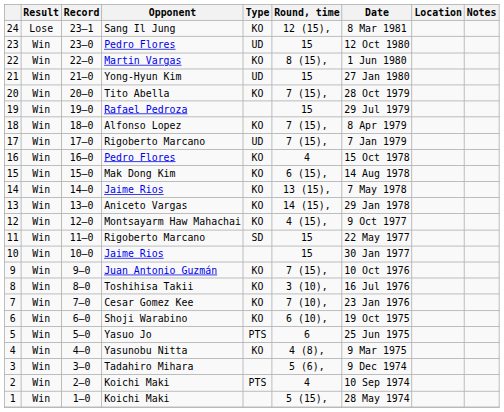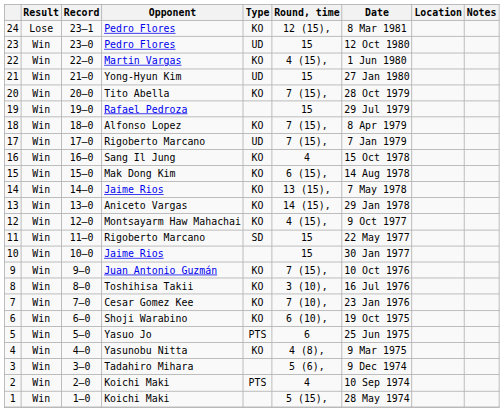 <table class="wikitable" style="text-align:center">
 <tr>
 <th></th>
 <th>Result</th>
 <th>Record</th>
 <th>Opponent</th>
 <th>Type</th>
 <th>Round, time</th>
 <th>Date</th>
 <th>Location</th>
 <th>Notes</th>
 </tr>
 <tr>
 <td>24</td>
 <td>Lose</td>
 <td>23–1</td>
-<td style="text-align:left;">Sang Il Jung</td>
+<td style="text-align:left;"><a href='#'>Pedro Flores</a></td>
 <td>KO</td>
 <td>12 (15), </td>
 <td>8 Mar 1981</td>
 <td style="text-align:left;"></td>
 <td style="text-align:left;"></td>
 </tr>
 <tr>
 <td>23</td>
 <td>Win</td>
 <td>23–0</td>
 <td style="text-align:left;"><a href='#'>Pedro Flores</a></td>
 <td>UD</td>
 <td>15</td>
 <td>12 Oct 1980</td>
 <td style="text-align:left;"></td>
 <td style="text-align:left;"></td>
 </tr>
 <tr>
 <td>22</td>
 <td>Win</td>
 <td>22–0</td>
 <td style="text-align:left;"><a href='#'>Martin Vargas</a></td>
 <td>KO</td>
-<td>8 (15), </td>
+<td>4 (15), </td>
 <td>1 Jun 1980</td>
 <td style="text-align:left;"></td>
 <td style="text-align:left;"></td>
 </tr>
 <tr>
 <td>21</td>
 <td>Win</td>
 <td>21–0</td>
 <td style="text-align:left;">Yong-Hyun Kim</td>
 <td>UD</td>
 <td>15</td>
 <td>27 Jan 1980</td>
 <td style="text-align:left;"></td>
 <td style="text-align:left;"></td>
 </tr>
 <tr>
 <td>20</td>
 <td>Win</td>
 <td>20–0</td>
 <td style="text-align:left;">Tito Abella</td>
 <td>KO</td>
 <td>7 (15), </td>
 <td>28 Oct 1979</td>
 <td style="text-align:left;"></td>
 <td style="text-align:left;"></td>
 </tr>
 <tr>
 <td>19</td>
 <td>Win</td>
 <td>19–0</td>
 <td style="text-align:left;"><a href='#'>Rafael Pedroza</a></td>
 <td></td>
 <td>15</td>
 <td>29 Jul 1979</td>
 <td style="text-align:left;"></td>
 <td style="text-align:left;"></td>
 </tr>
 <tr>
 <td>18</td>
 <td>Win</td>
 <td>18–0</td>
 <td style="text-align:left;">Alfonso Lopez</td>
 <td>KO</td>
 <td>7 (15), </td>
 <td>8 Apr 1979</td>
 <td style="text-align:left;"></td>
 <td style="text-align:left;"></td>
 </tr>
 <tr>
 <td>17</td>
 <td>Win</td>
 <td>17–0</td>
 <td style="text-align:left;">Rigoberto Marcano</td>
 <td>UD</td>
 <td>7 (15), </td>
 <td>7 Jan 1979</td>
 <td style="text-align:left;"></td>
 <td style="text-align:left;"></td>
 </tr>
 <tr>
 <td>16</td>
 <td>Win</td>
 <td>16–0</td>
-<td style="text-align:left;"><a href='#'>Pedro Flores</a></td>
+<td style="text-align:left;">Sang Il Jung</td>
 <td>KO</td>
 <td>4</td>
 <td>15 Oct 1978</td>
 <td style="text-align:left;"></td>
 <td style="text-align:left;"></td>
 </tr>
 <tr>
 <td>15</td>
 <td>Win</td>
 <td>15–0</td>
 <td style="text-align:left;">Mak Dong Kim</td>
 <td>KO</td>
 <td>6 (15), </td>
 <td>14 Aug 1978</td>
 <td style="text-align:left;"></td>
 <td></td>
 </tr>
 <tr>
 <td>14</td>
 <td>Win</td>
 <td>14–0</td>
 <td style="text-align:left;"><a href='#'>Jaime Rios</a></td>
 <td>KO</td>
 <td>13 (15), </td>
 <td>7 May 1978</td>
 <td style="text-align:left;"></td>
 <td style="text-align:left;"></td>
 </tr>
 <tr>
 <td>13</td>
 <td>Win</td>
 <td>13–0</td>
 <td style="text-align:left;">Aniceto Vargas</td>
 <td>KO</td>
 <td>14 (15), </td>
 <td>29 Jan 1978</td>
 <td style="text-align:left;"></td>
 <td style="text-align:left;"></td>
 </tr>
 <tr>
 <td>12</td>
 <td>Win</td>
 <td>12–0</td>
 <td style="text-align:left;">Montsayarm Haw Mahachai</td>
 <td>KO</td>
 <td>4 (15), </td>
 <td>9 Oct 1977</td>
 <td style="text-align:left;"></td>
 <td style="text-align:left;"></td>
 </tr>
 <tr>
 <td>11</td>
 <td>Win</td>
 <td>11–0</td>
 <td style="text-align:left;">Rigoberto Marcano</td>
 <td>SD</td>
 <td>15</td>
 <td>22 May 1977</td>
 <td style="text-align:left;"></td>
 <td style="text-align:left;"></td>
 </tr>
 <tr>
 <td>10</td>
 <td>Win</td>
 <td>10–0</td>
 <td style="text-align:left;"><a href='#'>Jaime Rios</a></td>
 <td></td>
 <td>15</td>
 <td>30 Jan 1977</td>
 <td style="text-align:left;"></td>
 <td style="text-align:left;"></td>
 </tr>
 <tr>
 <td>9</td>
 <td>Win</td>
 <td>9–0</td>
 <td style="text-align:left;"><a href='#'>Juan Antonio Guzmán</a></td>
 <td>KO</td>
 <td>7 (15), </td>
 <td>10 Oct 1976</td>
 <td style="text-align:left;"></td>
 <td style="text-align:left;"></td>
 </tr>
 <tr>
 <td>8</td>
 <td>Win</td>
 <td>8–0</td>
 <td style="text-align:left;">Toshihisa Takii</td>
 <td>KO</td>
 <td>3 (10), </td>
 <td>16 Jul 1976</td>
 <td style="text-align:left;"></td>
 <td></td>
 </tr>
 <tr>
 <td>7</td>
 <td>Win</td>
 <td>7–0</td>
 <td style="text-align:left;">Cesar Gomez Kee</td>
 <td>KO</td>
 <td>7 (10), </td>
 <td>23 Jan 1976</td>
 <td style="text-align:left;"></td>
 <td></td>
 </tr>
 <tr>
 <td>6</td>
 <td>Win</td>
 <td>6–0</td>
 <td style="text-align:left;">Shoji Warabino</td>
 <td>KO</td>
 <td>6 (10), </td>
 <td>19 Oct 1975</td>
 <td style="text-align:left;"></td>
 <td></td>
 </tr>
 <tr>
 <td>5</td>
 <td>Win</td>
 <td>5–0</td>
 <td style="text-align:left;">Yasuo Jo</td>
 <td>PTS</td>
 <td>6</td>
 <td>25 Jun 1975</td>
 <td style="text-align:left;"></td>
 <td></td>
 </tr>
 <tr>
 <td>4</td>
 <td>Win</td>
 <td>4–0</td>
 <td style="text-align:left;">Yasunobu Nitta</td>
 <td>KO</td>
 <td>4 (8), </td>
 <td>9 Mar 1975</td>
 <td style="text-align:left;"></td>
 <td></td>
 </tr>
 <tr>
 <td>3</td>
 <td>Win</td>
 <td>3–0</td>
 <td style="text-align:left;">Tadahiro Mihara</td>
 <td></td>
 <td>5 (6), </td>
 <td>9 Dec 1974</td>
 <td style="text-align:left;"></td>
 <td></td>
 </tr>
 <tr>
 <td>2</td>
 <td>Win</td>
 <td>2–0</td>
 <td style="text-align:left;">Koichi Maki</td>
 <td>PTS</td>
 <td>4</td>
 <td>10 Sep 1974</td>
 <td style="text-align:left;"></td>
 <td></td>
 </tr>
 <tr>
 <td>1</td>
 <td>Win</td>
 <td>1–0</td>
 <td style="text-align:left;">Koichi Maki</td>
 <td></td>
 <td>5 (15), </td>
 <td>28 May 1974</td>
 <td style="text-align:left;"></td>
 <td></td>
 </tr>
 <tr>
 </tr>
 </table>
